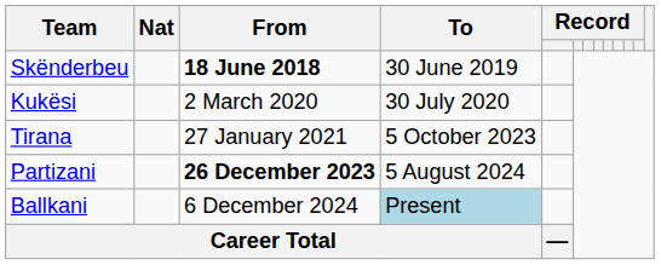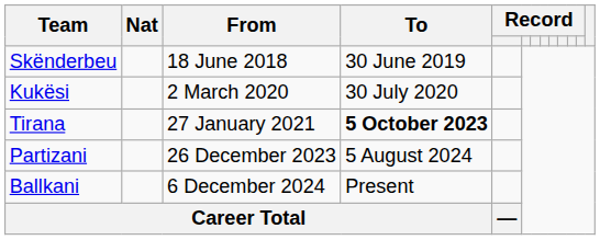 <table class="wikitable" style="text-align: center">
 <tr>
 <th rowspan="2">Team</th>
 <th rowspan="2">Nat</th>
 <th rowspan="2">From</th>
 <th rowspan="2">To</th>
 <th colspan="8">Record</th>
 <th rowspan=2></th>
 </tr>
 <tr>
 <th></th>
 <th></th>
 <th></th>
 <th></th>
 <th></th>
 <th></th>
 <th></th>
 <th></th>
 </tr>
 <tr>
 <td align=left><a href='#'>Skënderbeu</a></td>
 <td></td>
-<td align=left><strong>18 June 2018</strong></td>
+<td align=left>18 June 2018</td>
 <td align=left>30 June 2019<br></td>
 <td></td>
 </tr>
 <tr>
 <td align=left><a href='#'>Kukësi</a></td>
 <td></td>
 <td align=left>2 March 2020</td>
 <td align=left>30 July 2020<br></td>
 <td></td>
 </tr>
 <tr>
 <td align=left><a href='#'>Tirana</a></td>
 <td></td>
 <td align=left>27 January 2021</td>
-<td align=left>5 October 2023<br></td>
+<td align=left><strong>5 October 2023<br></strong></td>
 <td></td>
 </tr>
 <tr>
 <td align=left><a href='#'>Partizani</a></td>
 <td></td>
-<td align=left><strong>26 December 2023</strong></td>
+<td align=left>26 December 2023</td>
 <td align=left>5 August 2024<br></td>
 <td></td>
 </tr>
 <tr>
 <td align=left><a href='#'>Ballkani</a></td>
 <td></td>
 <td align=left>6 December 2024</td>
-<td align=left style="background: lightblue;">Present<br></td>
+<td align=left>Present<br></td>
 <td></td>
 </tr>
 <tr>
 <th colspan="4">Career Total<br></th>
 <th>—</th>
 </tr>
 </table>
